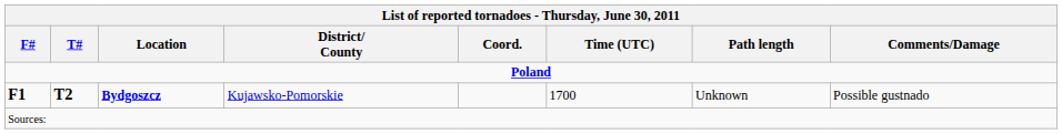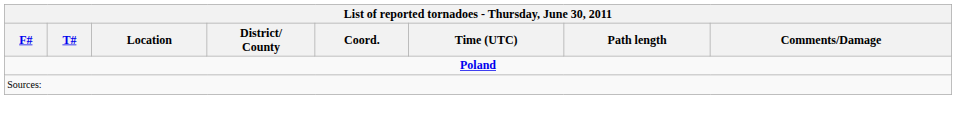 <table class="wikitable collapsible" width="100%">
 <tr>
 <th colspan="8">List of reported tornadoes - Thursday, June 30, 2011</th>
 </tr>
 <tr>
 <th><a href='#'>F#</a></th>
 <th><a href='#'>T#</a></th>
 <th>Location</th>
 <th>District/<br>County</th>
 <th>Coord.</th>
 <th>Time (UTC)</th>
 <th>Path length</th>
 <th>Comments/Damage</th>
 </tr>
 <tr>
 <td colspan="8" align=center><strong><a href='#'>Poland</a></strong></td>
 </tr>
 <tr>
-<td><big><strong>F1</strong></big></td>
-<td><big><strong>T2</strong></big></td>
-<td><strong><a href='#'>Bydgoszcz</a></strong></td>
-<td><a href='#'>Kujawsko-Pomorskie</a></td>
-<td></td>
-<td>1700</td>
-<td>Unknown</td>
-<td>Possible gustnado</td>
-</tr>
-<tr>
 <td colspan="8"><small>Sources:  </small></td>
 </tr>
 </table>
